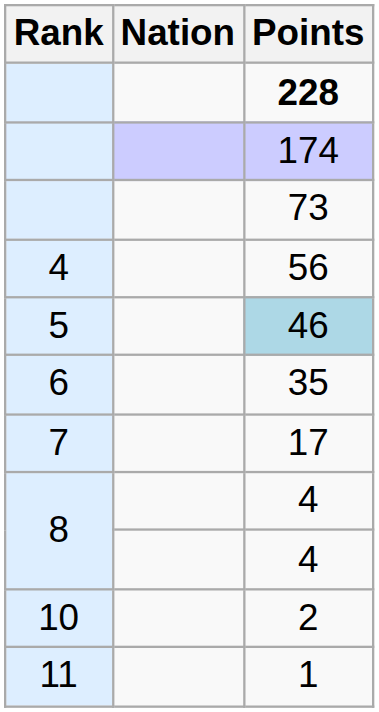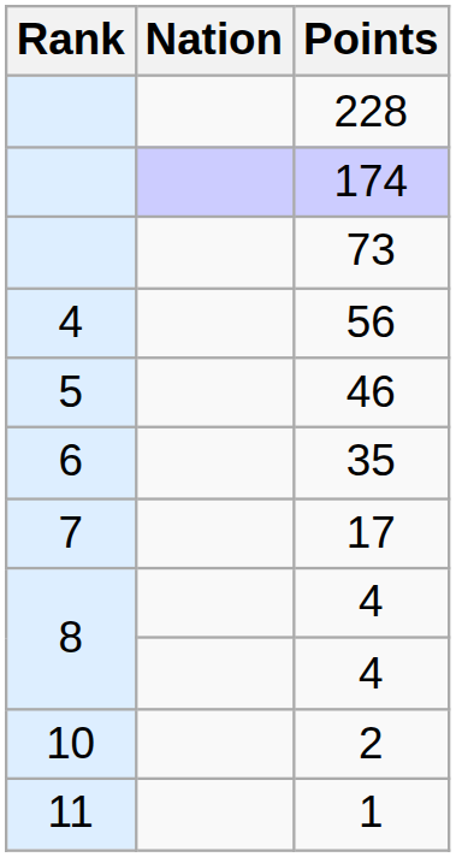 <table class="wikitable sortable" style="text-align:center">
 <tr>
 <th>Rank</th>
 <th>Nation</th>
 <th>Points</th>
 </tr>
 <tr>
 <td bgcolor = DDEEFF></td>
 <td align=left></td>
-<td><strong>228</strong></td>
+<td>228</td>
 </tr>
 <tr style="background-color:#ccccff">
 <td bgcolor = DDEEFF></td>
 <td align=left></td>
 <td>174</td>
 </tr>
 <tr>
 <td bgcolor = DDEEFF></td>
 <td align=left></td>
 <td>73</td>
 </tr>
 <tr>
 <td bgcolor = DDEEFF>4</td>
 <td align=left></td>
 <td>56</td>
 </tr>
 <tr>
 <td bgcolor = DDEEFF>5</td>
 <td align=left></td>
-<td style="background: lightblue;">46</td>
+<td>46</td>
 </tr>
 <tr>
 <td bgcolor = DDEEFF>6</td>
 <td align=left></td>
 <td>35</td>
 </tr>
 <tr>
 <td bgcolor = DDEEFF>7</td>
 <td align=left></td>
 <td>17</td>
 </tr>
 <tr>
 <td rowspan = "2" bgcolor = DDEEFF>8</td>
 <td align=left></td>
 <td>4</td>
 </tr>
 <tr>
 <td align=left></td>
 <td>4</td>
 </tr>
 <tr>
 <td bgcolor = DDEEFF>10</td>
 <td align=left></td>
 <td>2</td>
 </tr>
 <tr>
 <td bgcolor = DDEEFF>11</td>
 <td align=left></td>
 <td>1</td>
 </tr>
 </table>
